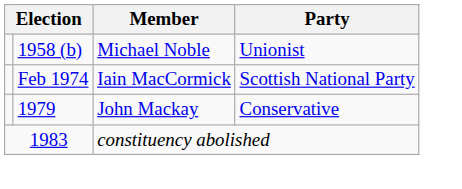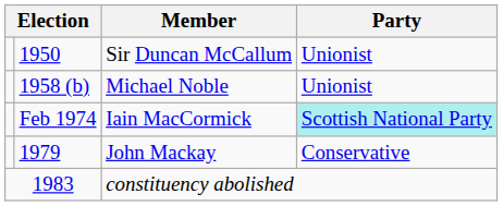 <table class="wikitable">
 <tr>
 <th colspan="2">Election</th>
 <th>Member </th>
 <th>Party</th>
+</tr>
+<tr>
+<td style="color:inherit;background-color: "></td>
+<td><a href='#'>1950</a></td>
+<td>Sir <a href='#'>Duncan McCallum</a></td>
+<td><a href='#'>Unionist</a></td>
 </tr>
 <tr>
 <td style="color:inherit;background-color: "></td>
 <td><a href='#'>1958 (b)</a></td>
 <td><a href='#'>Michael Noble</a></td>
 <td><a href='#'>Unionist</a></td>
 </tr>
 <tr>
 <td style="color:inherit;background-color: "></td>
 <td><a href='#'>Feb 1974</a></td>
 <td><a href='#'>Iain MacCormick</a></td>
-<td><a href='#'>Scottish National Party</a></td>
+<td style="background: paleturquoise;"><a href='#'>Scottish National Party</a></td>
 </tr>
 <tr>
 <td style="color:inherit;background-color: "></td>
 <td><a href='#'>1979</a></td>
 <td><a href='#'>John Mackay</a></td>
 <td><a href='#'>Conservative</a></td>
 </tr>
 <tr>
 <td colspan="2" align="center"><a href='#'>1983</a></td>
 <td colspan="2"><em>constituency abolished</em></td>
 </tr>
 </table>
